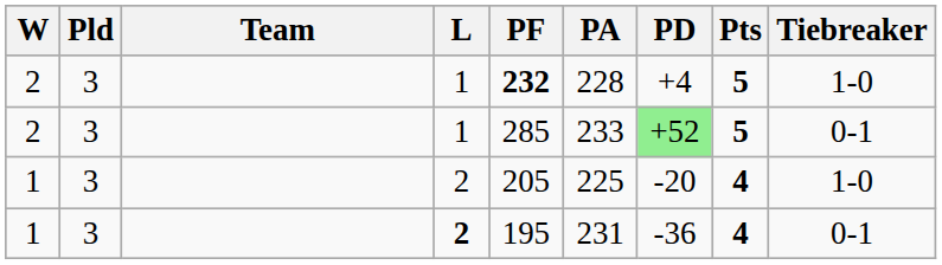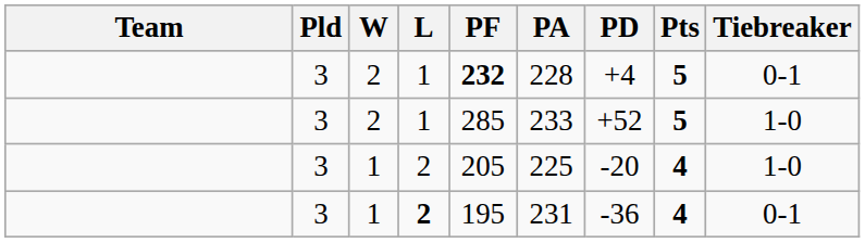 <table class="wikitable" style="text-align:center;">
 <tr>
+<th width=150>Team</th>
+<th width=20>Pld</th>
 <th width=20>W</th>
-<th width=20>Pld</th>
-<th width=150>Team</th>
 <th width=20>L</th>
 <th width=30>PF</th>
 <th width=30>PA</th>
 <th width=30>PD</th>
 <th width=20>Pts</th>
 <th width=50>Tiebreaker</th>
 </tr>
 <tr>
+<td align="left"></td>
+<td>3</td>
 <td>2</td>
-<td>3</td>
-<td align="left"></td>
 <td>1</td>
 <td><strong>232</strong></td>
 <td>228</td>
 <td>+4</td>
 <td><strong>5</strong></td>
+<td>0-1</td>
+</tr>
+<tr>
+<td align="left"></td>
+<td>3</td>
+<td>2</td>
+<td>1</td>
+<td>285</td>
+<td>233</td>
+<td>+52</td>
+<td><strong>5</strong></td>
 <td>1-0</td>
 </tr>
 <tr>
-<td>2</td>
+<td align="left"></td>
 <td>3</td>
-<td align="left"></td>
 <td>1</td>
-<td>285</td>
-<td>233</td>
-<td style="background: lightgreen;">+52</td>
-<td><strong>5</strong></td>
-<td>0-1</td>
-</tr>
-<tr>
-<td>1</td>
-<td>3</td>
-<td align="left"></td>
 <td>2</td>
 <td>205</td>
 <td>225</td>
 <td>-20</td>
 <td><strong>4</strong></td>
 <td>1-0</td>
 </tr>
 <tr>
+<td align="left"></td>
+<td>3</td>
 <td>1</td>
-<td>3</td>
-<td align="left"></td>
 <td><strong>2</strong></td>
 <td>195</td>
 <td>231</td>
 <td>-36</td>
 <td><strong>4</strong></td>
 <td>0-1</td>
 </tr>
 </table>
